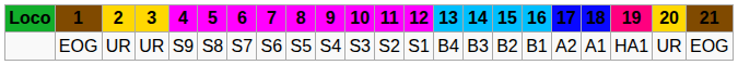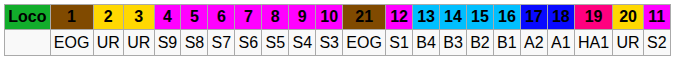 <table class="wikitable plainrowheaders unsortable" style="text-align:center">
 <tr>
 <th scope="col" rowspan="1" style="background:#12ad2b;"><span>Loco</span></th>
 <th scope="col" rowspan="1" style="background:#804a00;"><span>1</span></th>
 <th scope="col" rowspan="1" style="background:#ffd801;">2</th>
 <th scope="col" rowspan="1" style="background:#ffd801;">3</th>
 <th scope="col" rowspan="1" style="background:#ff00ff;">4</th>
 <th scope="col" rowspan="1" style="background:#ff00ff;">5</th>
 <th scope="col" rowspan="1" style="background:#ff00ff;">6</th>
 <th scope="col" rowspan="1" style="background:#ff00ff;">7</th>
 <th scope="col" rowspan="1" style="background:#ff00ff;">8</th>
 <th scope="col" rowspan="1" style="background:#ff00ff;">9</th>
 <th scope="col" rowspan="1" style="background:#ff00ff;">10</th>
-<th scope="col" rowspan="1" style="background:#ff00ff;">11</th>
+<th scope="col" rowspan="1" style="background:#804a00;"><span>21</span></th>
 <th scope="col" rowspan="1" style="background:#ff00ff;">12</th>
 <th scope="col" rowspan="1" style="background:#00bfff;">13</th>
 <th scope="col" rowspan="1" style="background:#00bfff;">14</th>
 <th scope="col" rowspan="1" style="background:#00bfff;">15</th>
 <th scope="col" rowspan="1" style="background:#00bfff;">16</th>
 <th scope="col" rowspan="1" style="background:#0909ff;"><span>17</span></th>
 <th scope="col" rowspan="1" style="background:#0909ff;"><span>18</span></th>
 <th scope="col" rowspan="1" style="background:#ff007f;"><span>19</span></th>
 <th scope="col" rowspan="1" style="background:#ffd801;">20</th>
-<th scope="col" rowspan="1" style="background:#804a00;"><span>21</span></th>
+<th scope="col" rowspan="1" style="background:#ff00ff;">11</th>
 </tr>
 <tr>
 <td></td>
 <td>EOG</td>
 <td>UR</td>
 <td>UR</td>
 <td>S9</td>
 <td>S8</td>
 <td>S7</td>
 <td>S6</td>
 <td>S5</td>
 <td>S4</td>
 <td>S3</td>
-<td>S2</td>
+<td>EOG</td>
 <td>S1</td>
 <td>B4</td>
 <td>B3</td>
 <td>B2</td>
 <td>B1</td>
 <td>A2</td>
 <td>A1</td>
 <td>HA1</td>
 <td>UR</td>
-<td>EOG</td>
+<td>S2</td>
 </tr>
 </table>
